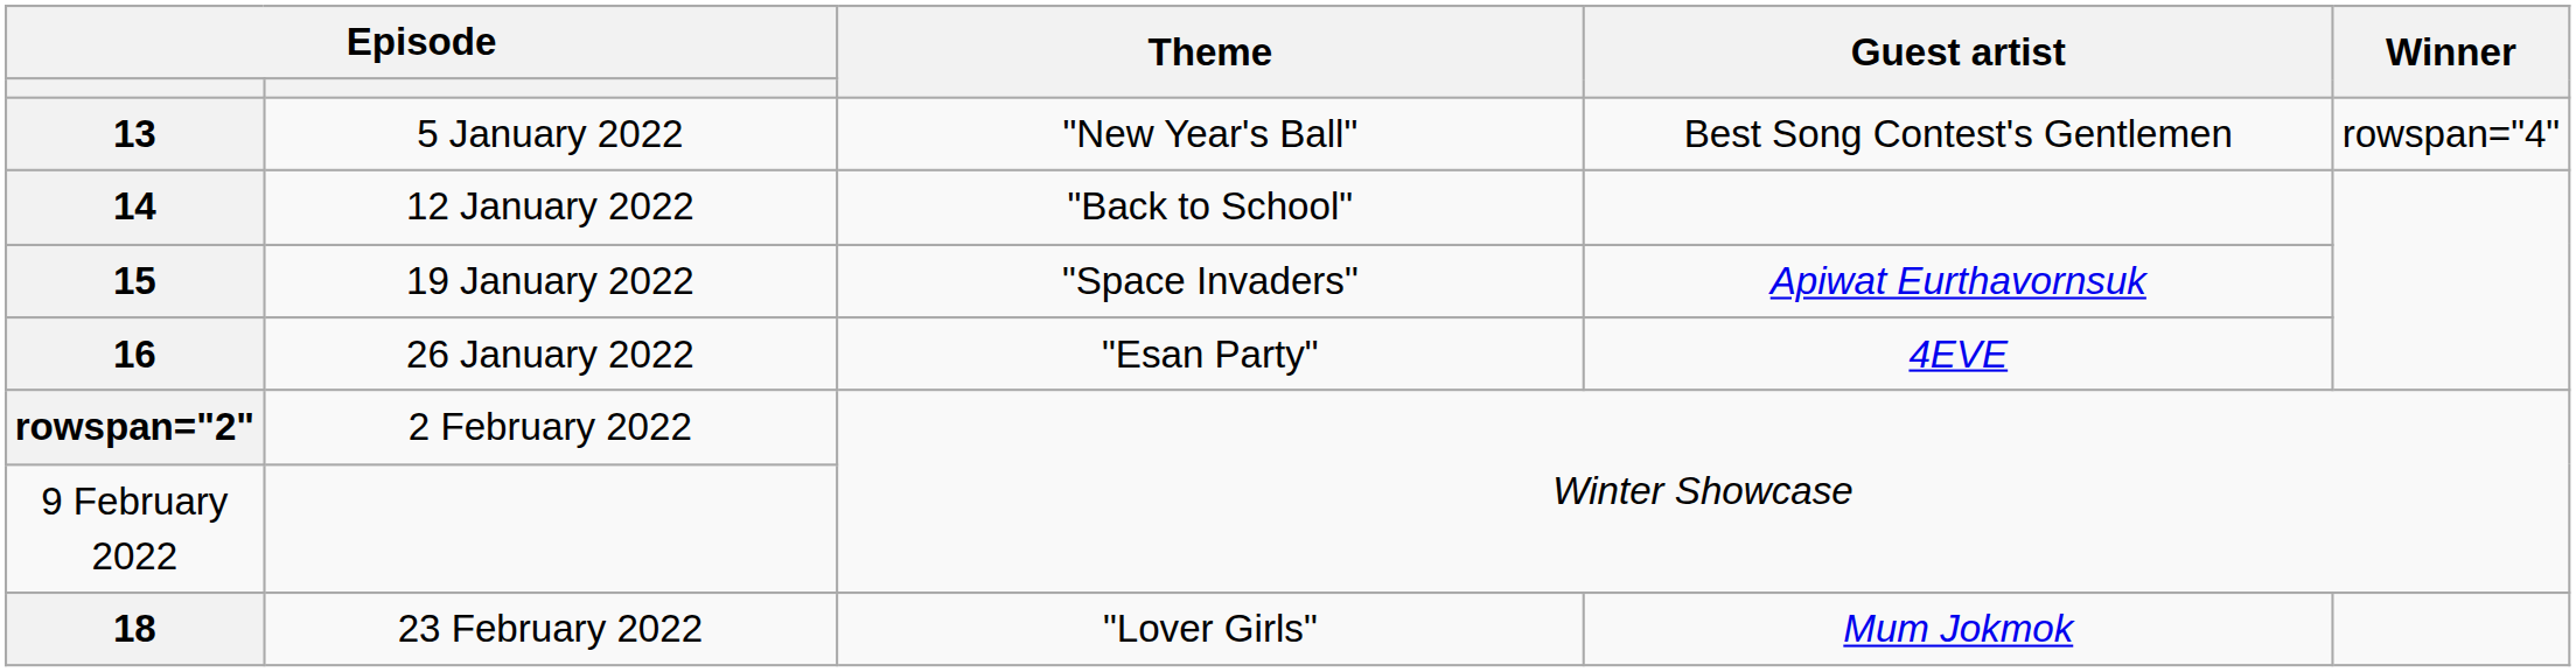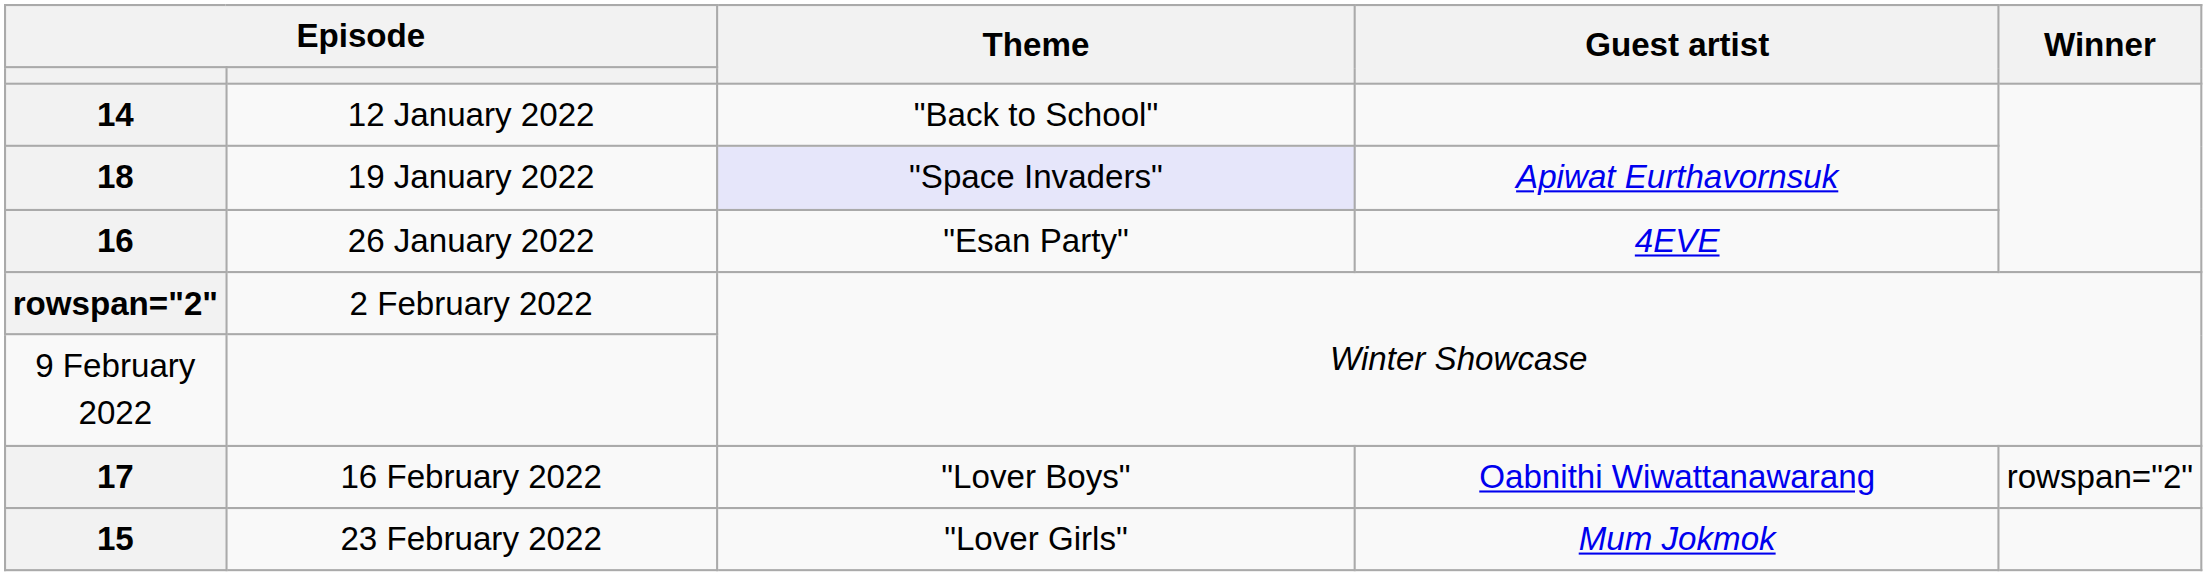 <table class="wikitable plainrowheaders mw-collapsible" style="text-align:center; line-height:23px; width:84%;">
 <tr>
 <th colspan="2" width="24%">Episode</th>
 <th rowspan="2" width="30%">Theme</th>
 <th rowspan="2" width="30%">Guest artist</th>
 <th rowspan="2" width="1%">Winner</th>
 </tr>
 <tr>
 <th width="1%"></th>
 <th></th>
 </tr>
 <tr>
-<th>13</th>
-<td>5 January 2022</td>
-<td>"New Year's Ball"</td>
-<td>Best Song Contest's Gentlemen</td>
-<td>rowspan="4"</td>
-</tr>
-<tr>
 <th>14</th>
 <td>12 January 2022</td>
 <td>"Back to School"</td>
 <td><em></em></td>
 </tr>
 <tr>
-<th>15</th>
+<th>18</th>
 <td>19 January 2022</td>
-<td>"Space Invaders"</td>
+<td style="background: lavender;">"Space Invaders"</td>
 <td><em><a href='#'>Apiwat Eurthavornsuk</a></em></td>
 </tr>
 <tr>
 <th>16</th>
 <td>26 January 2022</td>
 <td>"Esan Party"</td>
 <td><em><a href='#'>4EVE</a></em></td>
 </tr>
 <tr>
 <th>rowspan="2" </th>
 <td>2 February 2022</td>
 <td rowspan="2" colspan="3"><em>Winter Showcase</em></td>
 </tr>
 <tr>
 <td>9 February 2022</td>
 </tr>
 <tr>
-<th>18</th>
+<th>17</th>
+<td>16 February 2022</td>
+<td>"Lover Boys"</td>
+<td><a href='#'>Oabnithi Wiwattanawarang</a></td>
+<td>rowspan="2"</td>
+</tr>
+<tr>
+<th>15</th>
 <td>23 February 2022</td>
 <td>"Lover Girls"</td>
 <td><em><a href='#'>Mum Jokmok</a></em></td>
 </tr>
 </table>
